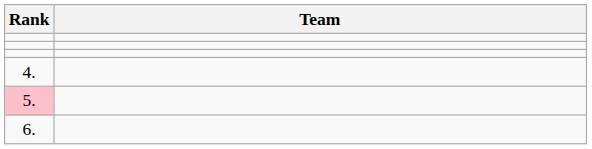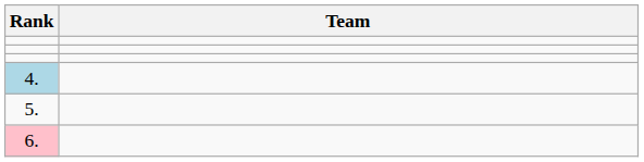 <table class="wikitable" style="font-size:95%;">
 <tr>
 <th>Rank</th>
 <th align="left" style="width: 30em">Team</th>
 </tr>
 <tr>
 <td align="center"></td>
 <td></td>
 </tr>
 <tr>
 <td align="center"></td>
 <td></td>
 </tr>
 <tr>
 <td align="center"></td>
 <td></td>
 </tr>
 <tr>
-<td rowspan=1 align="center">4.</td>
+<td rowspan=1 align="center" style="background: lightblue;">4.</td>
 <td></td>
 </tr>
 <tr>
-<td rowspan=1 align="center" style="background: pink;">5.</td>
+<td rowspan=1 align="center">5.</td>
 <td></td>
 </tr>
 <tr>
-<td rowspan=1 align="center">6.</td>
+<td rowspan=1 align="center" style="background: pink;">6.</td>
 <td></td>
 </tr>
 </table>
